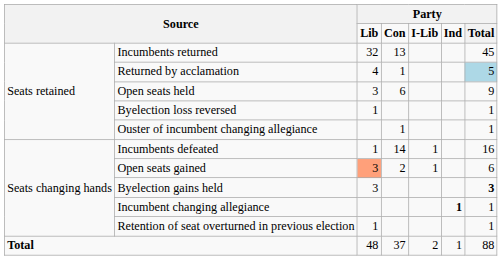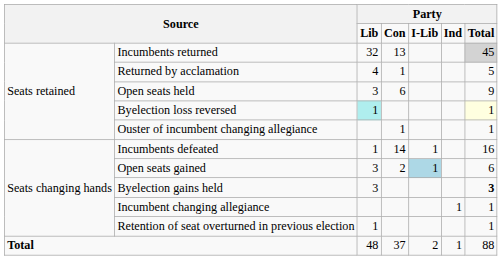 <table class="wikitable" style="text-align:right;">
 <tr>
 <th colspan="2" rowspan="2">Source</th>
 <th colspan="5">Party</th>
 </tr>
 <tr>
 <td><strong>Lib</strong></td>
 <td><strong>Con</strong></td>
 <td><strong>I-Lib</strong></td>
 <td><strong>Ind</strong></td>
 <th>Total</th>
 </tr>
 <tr>
 <td rowspan="5" style="text-align:left;">Seats retained</td>
 <td style="text-align:left;">Incumbents returned</td>
 <td>32</td>
 <td>13</td>
 <td></td>
 <td></td>
-<td>45</td>
+<td style="background: lightgrey;">45</td>
 </tr>
 <tr>
 <td style="text-align:left;">Returned by acclamation</td>
 <td>4</td>
 <td>1</td>
 <td></td>
 <td></td>
-<td style="background: lightblue;">5</td>
+<td>5</td>
 </tr>
 <tr>
 <td style="text-align:left;">Open seats held</td>
 <td>3</td>
 <td>6</td>
 <td></td>
 <td></td>
 <td>9</td>
 </tr>
 <tr>
 <td style="text-align:left;">Byelection loss reversed</td>
-<td>1</td>
+<td style="background: paleturquoise;">1</td>
 <td></td>
 <td></td>
 <td></td>
-<td>1</td>
+<td style="background: lightyellow;">1</td>
 </tr>
 <tr>
 <td style="text-align:left;">Ouster of incumbent changing allegiance</td>
 <td></td>
 <td>1</td>
 <td></td>
 <td></td>
 <td>1</td>
 </tr>
 <tr>
 <td rowspan="5" style="text-align:left;">Seats changing hands</td>
 <td style="text-align:left;">Incumbents defeated</td>
 <td>1</td>
 <td>14</td>
 <td>1</td>
 <td></td>
 <td>16</td>
 </tr>
 <tr>
 <td style="text-align:left;">Open seats gained</td>
-<td style="background: lightsalmon;">3</td>
+<td>3</td>
 <td>2</td>
-<td>1</td>
+<td style="background: lightblue;">1</td>
 <td></td>
 <td>6</td>
 </tr>
 <tr>
 <td style="text-align:left;">Byelection gains held</td>
 <td>3</td>
 <td></td>
 <td></td>
 <td></td>
 <td><strong>3</strong></td>
 </tr>
 <tr>
 <td style="text-align:left;">Incumbent changing allegiance</td>
 <td></td>
 <td></td>
 <td></td>
-<td><strong>1</strong></td>
+<td>1</td>
 <td>1</td>
 </tr>
 <tr>
 <td style="text-align:left;">Retention of seat overturned in previous election</td>
 <td>1</td>
 <td></td>
 <td></td>
 <td></td>
 <td>1</td>
 </tr>
 <tr>
 <td colspan="2" style="text-align:left;"><strong>Total</strong></td>
 <td>48</td>
 <td>37</td>
 <td>2</td>
 <td>1</td>
 <td>88</td>
 </tr>
 </table>
